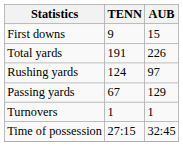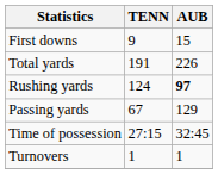 <table class="wikitable">
 <tr>
 <th>Statistics</th>
 <th>TENN</th>
 <th>AUB</th>
 </tr>
 <tr>
 <td>First downs</td>
 <td>9</td>
 <td>15</td>
 </tr>
 <tr>
 <td>Total yards</td>
 <td>191</td>
 <td>226</td>
 </tr>
 <tr>
 <td>Rushing yards</td>
 <td>124</td>
-<td>97</td>
+<td><strong>97</strong></td>
 </tr>
 <tr>
 <td>Passing yards</td>
 <td>67</td>
 <td>129</td>
 </tr>
 <tr>
+<td>Time of possession</td>
+<td>27:15</td>
+<td>32:45</td>
+</tr>
+<tr>
 <td>Turnovers</td>
 <td>1</td>
 <td>1</td>
 </tr>
 <tr>
-<td>Time of possession</td>
-<td>27:15</td>
-<td>32:45</td>
-</tr>
-<tr>
 </tr>
 </table>
